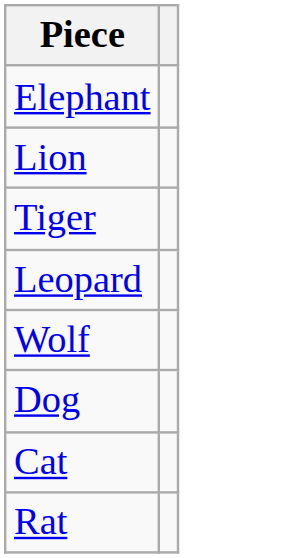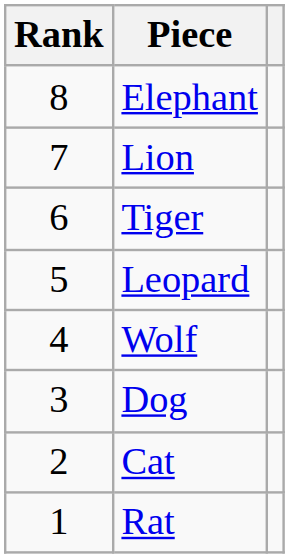 <table class="wikitable" style="text-align: left;">
 <tr>
+<th>Rank</th>
 <th>Piece</th>
 <th></th>
 </tr>
 <tr>
+<td align=center>8</td>
 <td><a href='#'>Elephant</a></td>
 <td></td>
 </tr>
 <tr>
+<td align=center>7</td>
 <td><a href='#'>Lion</a></td>
 <td></td>
 </tr>
 <tr>
+<td align=center>6</td>
 <td><a href='#'>Tiger</a></td>
 <td></td>
 </tr>
 <tr>
+<td align=center>5</td>
 <td><a href='#'>Leopard</a></td>
 <td></td>
 </tr>
 <tr>
+<td align=center>4</td>
 <td><a href='#'>Wolf</a></td>
 <td></td>
 </tr>
 <tr>
+<td align=center>3</td>
 <td><a href='#'>Dog</a></td>
 <td></td>
 </tr>
 <tr>
+<td align=center>2</td>
 <td><a href='#'>Cat</a></td>
 <td></td>
 </tr>
 <tr>
+<td align=center>1</td>
 <td><a href='#'>Rat</a></td>
 <td></td>
 </tr>
 </table>
